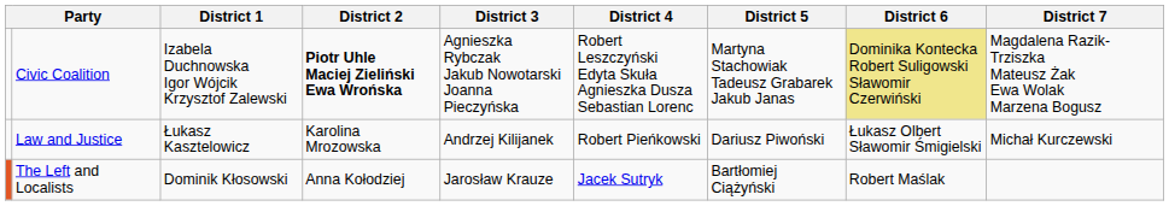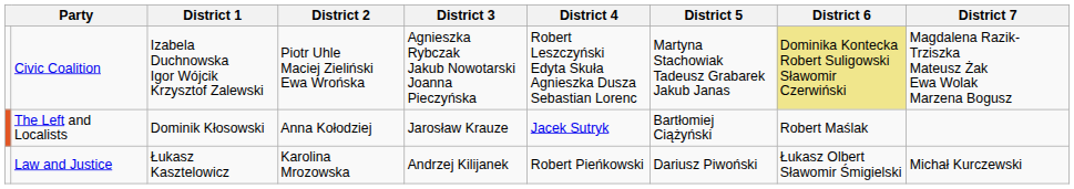 <table class="wikitable">
 <tr>
 <th colspan=2>Party</th>
 <th>District 1</th>
 <th>District 2</th>
 <th>District 3</th>
 <th>District 4</th>
 <th>District 5</th>
 <th>District 6</th>
 <th>District 7</th>
 </tr>
 <tr>
 <td style="background:"></td>
 <td><a href='#'>Civic Coalition</a></td>
 <td>Izabela Duchnowska<br>Igor Wójcik<br>Krzysztof Zalewski</td>
-<td><strong>Piotr Uhle<br>Maciej Zieliński<br>Ewa Wrońska</strong></td>
+<td>Piotr Uhle<br>Maciej Zieliński<br>Ewa Wrońska</td>
 <td>Agnieszka Rybczak<br>Jakub Nowotarski<br>Joanna Pieczyńska</td>
 <td>Robert Leszczyński<br>Edyta Skuła<br>Agnieszka Dusza<br>Sebastian Lorenc</td>
 <td>Martyna Stachowiak<br>Tadeusz Grabarek<br>Jakub Janas</td>
 <td style="background: khaki;">Dominika Kontecka<br>Robert Suligowski<br>Sławomir Czerwiński</td>
 <td>Magdalena Razik-Trziszka<br>Mateusz Żak<br>Ewa Wolak<br>Marzena Bogusz</td>
+</tr>
+<tr>
+<td style="background:#E25624"></td>
+<td><a href='#'>The Left</a> and Localists</td>
+<td>Dominik Kłosowski</td>
+<td>Anna Kołodziej</td>
+<td>Jarosław Krauze</td>
+<td><a href='#'>Jacek Sutryk</a></td>
+<td>Bartłomiej Ciążyński</td>
+<td>Robert Maślak</td>
+<td></td>
 </tr>
 <tr>
 <td style="background:"></td>
 <td><a href='#'>Law and Justice</a></td>
 <td>Łukasz Kasztelowicz</td>
 <td>Karolina Mrozowska</td>
 <td>Andrzej Kilijanek</td>
 <td>Robert Pieńkowski</td>
 <td>Dariusz Piwoński</td>
 <td>Łukasz Olbert<br>Sławomir Śmigielski</td>
 <td>Michał Kurczewski</td>
 </tr>
-<tr>
-<td style="background:#E25624"></td>
-<td><a href='#'>The Left</a> and Localists</td>
-<td>Dominik Kłosowski</td>
-<td>Anna Kołodziej</td>
-<td>Jarosław Krauze</td>
-<td><a href='#'>Jacek Sutryk</a></td>
-<td>Bartłomiej Ciążyński</td>
-<td>Robert Maślak</td>
-<td></td>
-</tr>
 </table>
